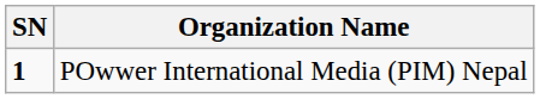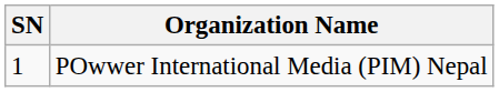 <table class="wikitable">
 <tr>
 <th>SN</th>
 <th>Organization Name</th>
 </tr>
 <tr>
-<td><strong>1</strong></td>
+<td>1</td>
 <td>POwwer International Media (PIM) Nepal </td>
 </tr>
 </table>
